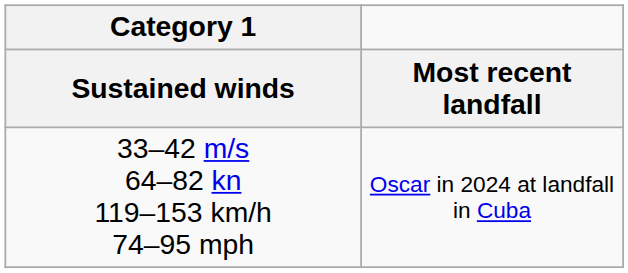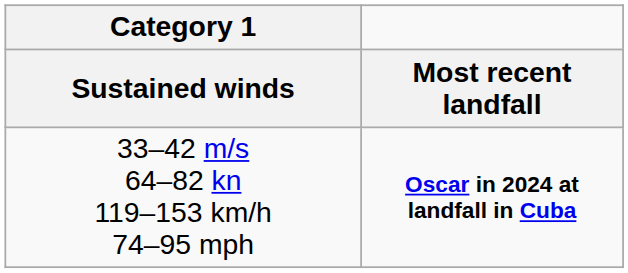 <table class="wikitable" style="text-align: center; float:right; margin-left: 1em; width:350px;">
 <tr>
 <th style="background: #">Category 1</th>
 </tr>
 <tr>
 <th>Sustained winds</th>
 <th>Most recent landfall</th>
 </tr>
 <tr>
 <td>33–42 <a href='#'>m/s</a><br>64–82 <a href='#'>kn</a><br>119–153 km/h<br>74–95 mph</td>
-<td style = "font-size: 80%; width:142px"> <a href='#'>Oscar</a> in 2024 at landfall in <a href='#'>Cuba</a></td>
+<td style = "font-size: 80%; width:142px"><strong> <a href='#'>Oscar</a> in 2024 at landfall in <a href='#'>Cuba</a></strong></td>
 </tr>
 </table>
